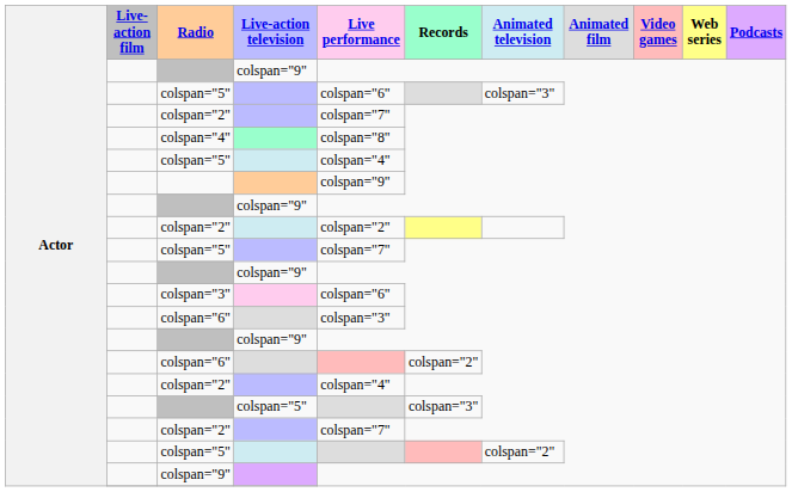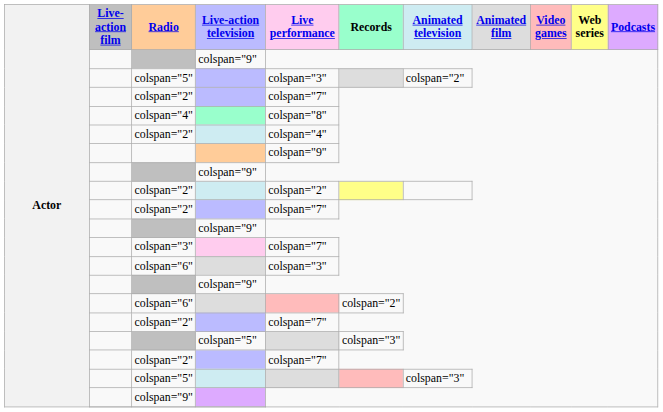 <table class="wikitable sortable" width="100%">
 <tr>
 <th rowspan="30" width="13%" scope="col">Actor</th>
 <th style="background:#BFBFBF;"><a href='#'>Live-action film</a></th>
 <th style="background:#fc9;"><a href='#'>Radio</a></th>
 <th style="background:#bbf;"><a href='#'>Live-action television</a></th>
 <th style="background:#fce;"><a href='#'>Live performance</a></th>
 <th style="background:#9fc;">Records</th>
 <th style="background:#CEECF2;"><a href='#'>Animated television</a></th>
 <th style="background:#ddd;"><a href='#'>Animated film</a></th>
 <th style="background:#fbb;"><a href='#'>Video games</a></th>
 <th style="background:#ff8;">Web series</th>
 <th style="background:#daf;"><a href='#'>Podcasts</a></th>
 </tr>
 <tr>
 <td></td>
 <td style="background:#BFBFBF;"></td>
 <td>colspan="9" </td>
 </tr>
 <tr>
 <td></td>
 <td>colspan="5" </td>
 <td style="background:#bbf;"></td>
-<td>colspan="6" </td>
+<td>colspan="3" </td>
 <td style="background:#ddd;"></td>
-<td>colspan="3" </td>
+<td>colspan="2" </td>
 </tr>
 <tr>
 <td></td>
 <td>colspan="2" </td>
 <td style="background:#bbf;"></td>
 <td>colspan="7" </td>
 </tr>
 <tr>
 <td></td>
 <td>colspan="4" </td>
 <td style="background:#9fc;"></td>
 <td>colspan="8" </td>
 </tr>
 <tr>
 <td></td>
-<td>colspan="5" </td>
+<td>colspan="2" </td>
 <td style="background:#CEECF2;"></td>
 <td>colspan="4" </td>
 </tr>
 <tr>
 <td></td>
 <td></td>
 <td style="background:#fc9;"></td>
 <td>colspan="9" </td>
 </tr>
 <tr>
 <td></td>
 <td style="background:#BFBFBF;"></td>
 <td>colspan="9" </td>
 </tr>
 <tr>
 <td></td>
 <td>colspan="2" </td>
 <td style="background:#CEECF2;"></td>
 <td>colspan="2" </td>
 <td style="background:#ff8;"></td>
 <td></td>
 </tr>
 <tr>
 <td></td>
-<td>colspan="5" </td>
+<td>colspan="2" </td>
 <td style="background:#bbf;"></td>
 <td>colspan="7" </td>
 </tr>
 <tr>
 <td></td>
 <td style="background:#BFBFBF;"></td>
 <td>colspan="9" </td>
 </tr>
 <tr>
 <td></td>
 <td>colspan="3" </td>
 <td style="background:#fce;"></td>
-<td>colspan="6" </td>
+<td>colspan="7" </td>
 </tr>
 <tr>
 <td></td>
 <td>colspan="6" </td>
 <td style="background:#ddd;"></td>
 <td>colspan="3" </td>
 </tr>
 <tr>
 <td></td>
 <td style="background:#BFBFBF;"></td>
 <td>colspan="9" </td>
 </tr>
 <tr>
 <td></td>
 <td>colspan="6" </td>
 <td style="background:#ddd;"></td>
 <td style="background:#fbb;"></td>
 <td>colspan="2" </td>
 </tr>
 <tr>
 <td></td>
 <td>colspan="2" </td>
 <td style="background:#bbf;"></td>
-<td>colspan="4" </td>
+<td>colspan="7" </td>
 </tr>
 <tr>
 <td></td>
 <td style="background:#BFBFBF;"></td>
 <td>colspan="5" </td>
 <td style="background:#ddd;"></td>
 <td>colspan="3" </td>
 </tr>
 <tr>
 <td></td>
 <td>colspan="2" </td>
 <td style="background:#bbf;"></td>
 <td>colspan="7" </td>
 </tr>
 <tr>
 <td></td>
 <td>colspan="5" </td>
 <td style="background:#CEECF2;"></td>
 <td style="background:#ddd;"></td>
 <td style="background:#fbb;"></td>
-<td>colspan="2" </td>
+<td>colspan="3" </td>
 </tr>
 <tr>
 <td></td>
 <td>colspan="9" </td>
 <td style="background:#daf;"></td>
 </tr>
 <tr>
 </tr>
 </table>
